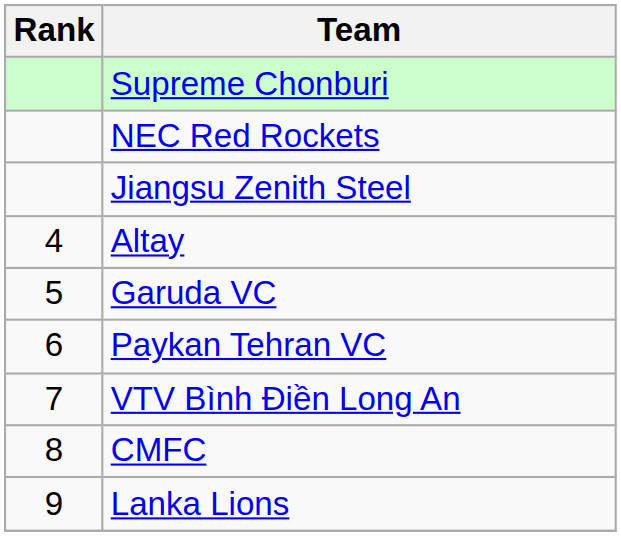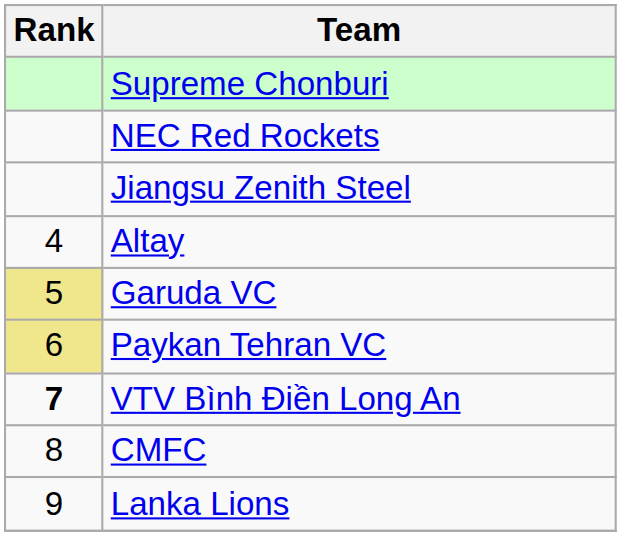 <table class="wikitable" style="text-align: center;">
 <tr>
 <th width=40>Rank</th>
 <th width=240>Team</th>
 </tr>
 <tr bgcolor=#CCFFCC>
 <td></td>
 <td align="left"> <a href='#'>Supreme Chonburi</a></td>
 </tr>
 <tr>
 <td></td>
 <td align="left"> <a href='#'>NEC Red Rockets</a></td>
 </tr>
 <tr>
 <td></td>
 <td align="left"> <a href='#'>Jiangsu Zenith Steel</a></td>
 </tr>
 <tr>
 <td>4</td>
 <td align="left"> <a href='#'>Altay</a></td>
 </tr>
 <tr>
-<td>5</td>
+<td style="background: khaki;">5</td>
 <td align="left"> <a href='#'>Garuda VC</a></td>
 </tr>
 <tr>
-<td>6</td>
+<td style="background: khaki;">6</td>
 <td align="left"> <a href='#'>Paykan Tehran VC</a></td>
 </tr>
 <tr>
-<td>7</td>
+<td><strong>7</strong></td>
 <td align="left"> <a href='#'>VTV Bình Điền Long An</a></td>
 </tr>
 <tr>
 <td>8</td>
 <td align="left"> <a href='#'>CMFC</a></td>
 </tr>
 <tr>
 <td>9</td>
 <td align="left"> <a href='#'>Lanka Lions</a></td>
 </tr>
 <tr>
 </tr>
 </table>
